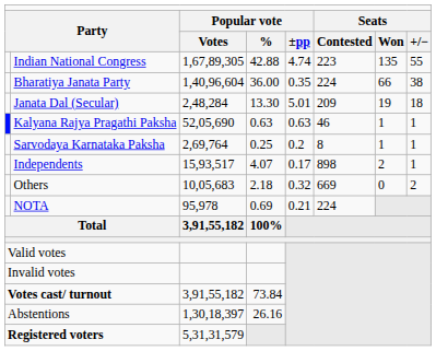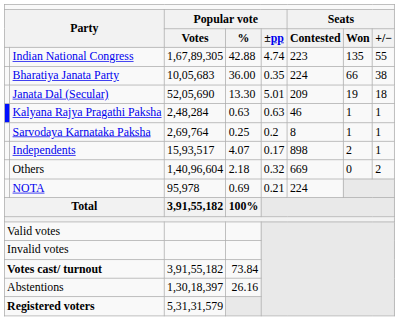 <table class="wikitable">
 <tr>
 <td colspan="8" align="center"></td>
 </tr>
 <tr>
 <th colspan="2" rowspan="2">Party</th>
 <th colspan="3">Popular vote</th>
 <th colspan="3">Seats</th>
 </tr>
 <tr>
 <th>Votes</th>
 <th>%</th>
 <th>±<a href='#'>pp</a></th>
 <th>Contested</th>
 <th>Won</th>
 <th><strong>+/−</strong></th>
 </tr>
 <tr>
 <td></td>
 <td><a href='#'>Indian National Congress</a></td>
 <td>1,67,89,305</td>
 <td>42.88</td>
 <td>4.74</td>
 <td>223</td>
 <td>135</td>
 <td>55</td>
 </tr>
 <tr>
 <td></td>
 <td><a href='#'>Bharatiya Janata Party</a></td>
-<td>1,40,96,604</td>
+<td>10,05,683</td>
 <td>36.00</td>
 <td>0.35</td>
 <td>224</td>
 <td>66</td>
 <td>38</td>
 </tr>
 <tr>
 <td></td>
 <td><a href='#'>Janata Dal (Secular)</a></td>
-<td>2,48,284</td>
+<td>52,05,690</td>
 <td>13.30</td>
 <td> 5.01</td>
 <td>209</td>
 <td>19</td>
 <td>18</td>
 </tr>
 <tr>
 <td bgcolor=#000FFF></td>
 <td><a href='#'>Kalyana Rajya Pragathi Paksha</a></td>
-<td>52,05,690</td>
+<td>2,48,284</td>
 <td>0.63</td>
 <td>0.63</td>
 <td>46</td>
 <td>1</td>
 <td> 1</td>
 </tr>
 <tr>
 <td></td>
 <td><a href='#'>Sarvodaya Karnataka Paksha</a></td>
 <td>2,69,764</td>
 <td>0.25</td>
 <td>0.2</td>
 <td>8</td>
 <td>1</td>
 <td> 1</td>
 </tr>
 <tr>
 <td></td>
 <td><a href='#'>Independents</a></td>
 <td>15,93,517</td>
 <td>4.07</td>
 <td>0.17</td>
 <td>898</td>
 <td>2</td>
 <td>1</td>
 </tr>
 <tr>
 <td></td>
 <td>Others</td>
-<td>10,05,683</td>
+<td>1,40,96,604</td>
 <td>2.18</td>
 <td>0.32</td>
 <td>669</td>
 <td>0</td>
 <td>2</td>
 </tr>
 <tr>
 <td></td>
 <td><a href='#'>NOTA</a></td>
 <td>95,978</td>
 <td>0.69</td>
 <td>0.21</td>
 <td>224</td>
 <th colspan="3" style="background-color:#E9E9E9"></th>
 </tr>
 <tr>
 <th colspan="2">Total</th>
 <th>3,91,55,182</th>
 <th>100%</th>
 <th colspan="4" style="background-color:#E9E9E9"></th>
 </tr>
 <tr>
 <th colspan="8"></th>
 </tr>
 <tr>
 <td colspan="2" style="text-align:left;">Valid votes</td>
 <td align="right"></td>
 <td align="right"></td>
 <th colspan="4" rowspan="5" style="background-color:#E9E9E9"></th>
 </tr>
 <tr>
 <td colspan="2" style="text-align:left;">Invalid votes</td>
 <td align="right"></td>
 <td align="right"></td>
 </tr>
 <tr>
 <td colspan="2" style="text-align:left;"><strong>Votes cast/ turnout</strong></td>
 <td align="right">3,91,55,182</td>
 <td align="right">73.84</td>
 </tr>
 <tr>
 <td colspan="2" style="text-align:left;">Abstentions</td>
 <td align="right">1,30,18,397</td>
 <td align="right">26.16</td>
 </tr>
 <tr>
 <td colspan="2" style="text-align:left;"><strong>Registered voters</strong></td>
 <td align="right">5,31,31,579</td>
 <td style="background-color:#E9E9E9"></td>
 </tr>
 </table>
